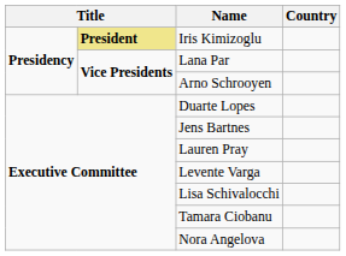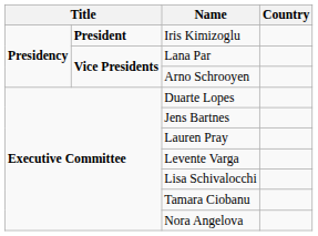 <table class="wikitable">
 <tr>
 <th colspan=2>Title</th>
 <th>Name</th>
 <th>Country</th>
 </tr>
 <tr>
 <td rowspan=3><strong>Presidency</strong></td>
-<td style="background: khaki;"><strong>President</strong></td>
+<td><strong>President</strong></td>
 <td>Iris Kimizoglu</td>
 <td></td>
 </tr>
 <tr>
 <td rowspan=2><strong>Vice Presidents</strong></td>
 <td>Lana Par</td>
 <td></td>
 </tr>
 <tr>
 <td>Arno Schrooyen</td>
 <td></td>
 </tr>
 <tr>
 <td colspan=2 rowspan=7><strong>Executive Committee</strong></td>
 <td>Duarte Lopes</td>
 <td></td>
 </tr>
 <tr>
 <td>Jens Bartnes</td>
 <td></td>
 </tr>
 <tr>
 <td>Lauren Pray</td>
 <td></td>
 </tr>
 <tr>
 <td>Levente Varga</td>
 <td></td>
 </tr>
 <tr>
 <td>Lisa Schivalocchi</td>
 <td></td>
 </tr>
 <tr>
 <td>Tamara Ciobanu</td>
 <td></td>
 </tr>
 <tr>
 <td>Nora Angelova</td>
 <td></td>
 </tr>
 </table>
